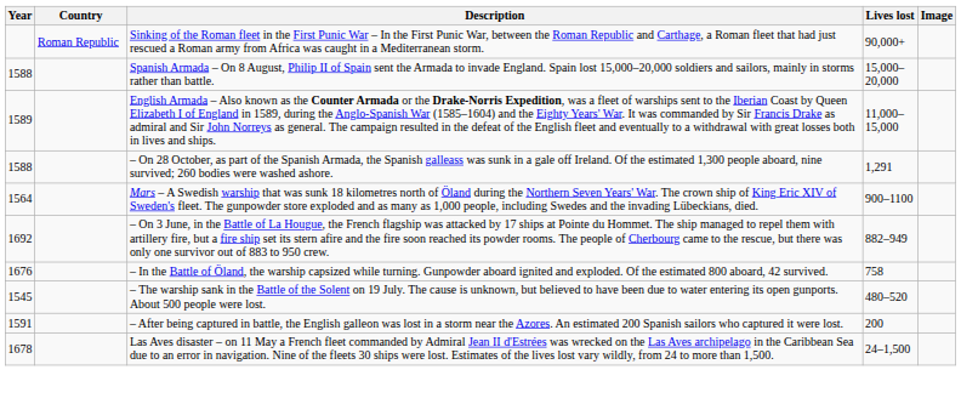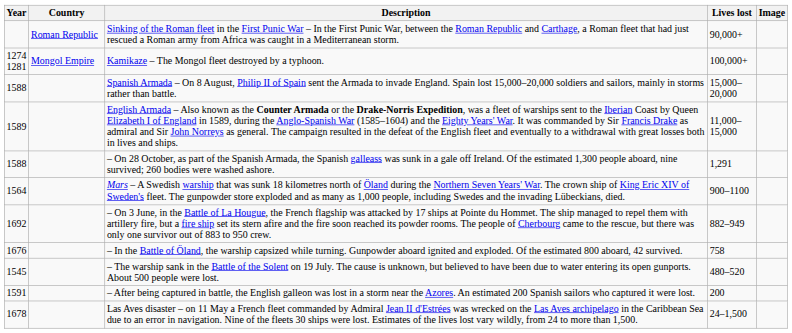 <table class="wikitable sortable" style="display: inline-table;width: 100%;">
 <tr>
 <th data-sort-type="number">Year</th>
 <th width=115px>Country</th>
 <th>Description</th>
 <th data-sort-type="number">Lives lost</th>
 <th class="unsortable">Image</th>
 </tr>
 <tr>
 <td></td>
 <td><a href='#'>Roman Republic</a></td>
 <td><a href='#'>Sinking of the Roman fleet</a> in the <a href='#'>First Punic War</a> – In the First Punic War, between the <a href='#'>Roman Republic</a> and <a href='#'>Carthage</a>, a Roman fleet that had just rescued a Roman army from Africa was caught in a Mediterranean storm.</td>
 <td>90,000+</td>
+<td></td>
+</tr>
+<tr>
+<td>1274<br>1281</td>
+<td><a href='#'>Mongol Empire</a></td>
+<td><a href='#'>Kamikaze</a> – The Mongol fleet destroyed by a typhoon.</td>
+<td>100,000+</td>
 <td></td>
 </tr>
 <tr>
 <td>1588</td>
 <td></td>
 <td><a href='#'>Spanish Armada</a> – On 8 August, <a href='#'>Philip II of Spain</a> sent the Armada to invade England. Spain lost 15,000–20,000 soldiers and sailors, mainly in storms rather than battle.</td>
 <td>15,000–20,000</td>
 <td></td>
 </tr>
 <tr>
 <td>1589</td>
 <td></td>
 <td><a href='#'>English Armada</a> – Also known as the <strong>Counter Armada</strong> or the <strong>Drake-Norris Expedition</strong>, was a fleet of warships sent to the <a href='#'>Iberian</a> Coast by Queen <a href='#'>Elizabeth I of England</a> in 1589, during the <a href='#'>Anglo-Spanish War</a> (1585–1604) and the <a href='#'>Eighty Years' War</a>. It was commanded by Sir <a href='#'>Francis Drake</a> as admiral and Sir <a href='#'>John Norreys</a> as general. The campaign resulted in the defeat of the English fleet and eventually to a withdrawal with great losses both in lives and ships.</td>
 <td>11,000–15,000</td>
 <td></td>
 </tr>
 <tr>
 <td>1588</td>
 <td></td>
 <td> – On 28 October, as part of the Spanish Armada, the Spanish <a href='#'>galleass</a> was sunk in a gale off Ireland. Of the estimated 1,300 people aboard, nine survived; 260 bodies were washed ashore.</td>
 <td>1,291</td>
 <td></td>
 </tr>
 <tr>
 <td>1564</td>
 <td></td>
 <td><em><a href='#'>Mars</a></em> – A Swedish <a href='#'>warship</a> that was sunk 18 kilometres north of <a href='#'>Öland</a> during the <a href='#'>Northern Seven Years' War</a>. The crown ship of <a href='#'>King Eric XIV of Sweden's</a> fleet. The gunpowder store exploded and as many as 1,000 people, including Swedes and the invading Lübeckians, died.</td>
 <td>900–1100</td>
 <td></td>
 </tr>
 <tr>
 <td>1692</td>
 <td></td>
 <td> – On 3 June, in the <a href='#'>Battle of La Hougue</a>, the French flagship was attacked by 17 ships at Pointe du Hommet. The ship managed to repel them with artillery fire, but a <a href='#'>fire ship</a> set its stern afire and the fire soon reached its powder rooms. The people of <a href='#'>Cherbourg</a> came to the rescue, but there was only one survivor out of 883 to 950 crew.</td>
 <td>882–949</td>
 <td></td>
 </tr>
 <tr>
 <td>1676</td>
 <td></td>
 <td> – In the <a href='#'>Battle of Öland</a>, the warship capsized while turning. Gunpowder aboard ignited and exploded. Of the estimated 800 aboard, 42 survived.</td>
 <td>758</td>
 <td></td>
 </tr>
 <tr>
 <td>1545</td>
 <td></td>
 <td> – The warship sank in the <a href='#'>Battle of the Solent</a> on 19 July. The cause is unknown, but believed to have been due to water entering its open gunports. About 500 people were lost.</td>
 <td>480–520</td>
 <td></td>
 </tr>
 <tr>
 <td>1591</td>
 <td></td>
 <td> – After being captured in battle, the English galleon was lost in a storm near the <a href='#'>Azores</a>. An estimated 200 Spanish sailors who captured it were lost.</td>
 <td>200</td>
 <td></td>
 </tr>
 <tr>
 <td>1678</td>
 <td></td>
 <td>Las Aves disaster – on 11 May a French fleet commanded by Admiral <a href='#'>Jean II d'Estrées</a> was wrecked on the <a href='#'>Las Aves archipelago</a> in the Caribbean Sea due to an error in navigation. Nine of the fleets 30 ships were lost. Estimates of the lives lost vary wildly, from 24 to more than 1,500.</td>
 <td>24–1,500</td>
 <td></td>
 </tr>
 </table>
